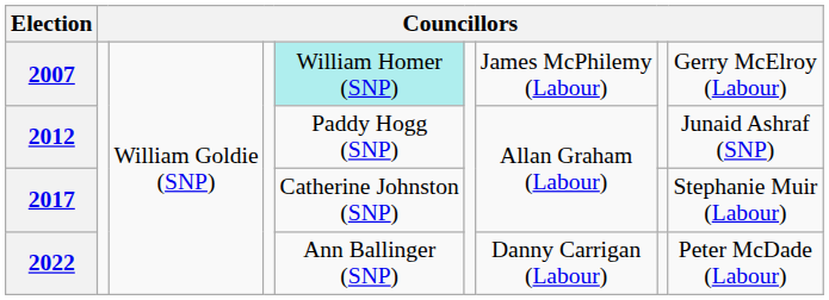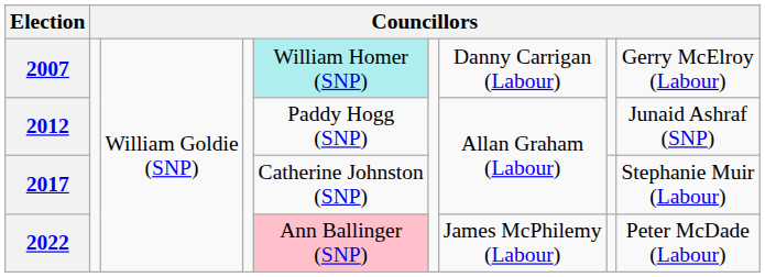 <table class="wikitable" style="text-align:center">
 <tr>
 <th>Election</th>
 <th colspan=8>Councillors</th>
 </tr>
 <tr>
 <th><a href='#'>2007</a></th>
 <td rowspan=4; style="background-color: "></td>
 <td rowspan=4>William Goldie<br>(<a href='#'>SNP</a>)</td>
 <td rowspan=4; style="background-color: "></td>
 <td rowspan=1 style="background: paleturquoise;">William Homer<br>(<a href='#'>SNP</a>)</td>
 <td rowspan=4; style="background-color: "></td>
-<td rowspan=1>James McPhilemy<br>(<a href='#'>Labour</a>)</td>
+<td rowspan=1>Danny Carrigan<br>(<a href='#'>Labour</a>)</td>
 <td rowspan=2; style="background-color: "></td>
 <td rowspan=1>Gerry McElroy<br>(<a href='#'>Labour</a>)</td>
 </tr>
 <tr>
 <th><a href='#'>2012</a></th>
 <td rowspan=1>Paddy Hogg<br>(<a href='#'>SNP</a>)</td>
 <td rowspan=2>Allan Graham<br>(<a href='#'>Labour</a>)</td>
 <td rowspan=1>Junaid Ashraf<br>(<a href='#'>SNP</a>)</td>
 </tr>
 <tr>
 <th><a href='#'>2017</a></th>
 <td rowspan=1>Catherine Johnston<br>(<a href='#'>SNP</a>)</td>
 <td rowspan=1; style="background-color: "></td>
 <td rowspan=1>Stephanie Muir<br>(<a href='#'>Labour</a>)</td>
 </tr>
 <tr>
 <th><a href='#'>2022</a></th>
-<td rowspan=1>Ann Ballinger<br>(<a href='#'>SNP</a>)</td>
-<td rowspan=1>Danny Carrigan<br>(<a href='#'>Labour</a>)</td>
+<td rowspan=1 style="background: pink;">Ann Ballinger<br>(<a href='#'>SNP</a>)</td>
+<td rowspan=1>James McPhilemy<br>(<a href='#'>Labour</a>)</td>
 <td rowspan=1; style="background-color: "></td>
 <td rowspan=1>Peter McDade<br>(<a href='#'>Labour</a>)</td>
 </tr>
 </table>
